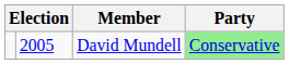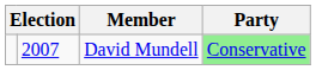 <table class="wikitable">
 <tr>
 <th colspan="2">Election</th>
 <th>Member</th>
 <th>Party</th>
 </tr>
 <tr>
 <td style="color:inherit;background-color:"></td>
-<td><a href='#'>2005</a></td>
+<td><a href='#'>2007</a></td>
 <td><a href='#'>David Mundell</a></td>
 <td style="background: lightgreen;"><a href='#'>Conservative</a></td>
 </tr>
 </table>
